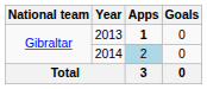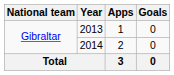 <table class=wikitable style="text-align: center;">
 <tr>
 <th>National team</th>
 <th>Year</th>
 <th>Apps</th>
 <th>Goals</th>
 </tr>
 <tr>
 <td rowspan=2><a href='#'>Gibraltar</a></td>
 <td>2013</td>
-<td><strong>1</strong></td>
+<td>1</td>
 <td>0</td>
 </tr>
 <tr>
 <td>2014</td>
-<td style="background: lightblue;">2</td>
+<td>2</td>
 <td>0</td>
 </tr>
 <tr>
 <th colspan=2>Total</th>
 <th>3</th>
 <th>0</th>
 </tr>
 </table>
